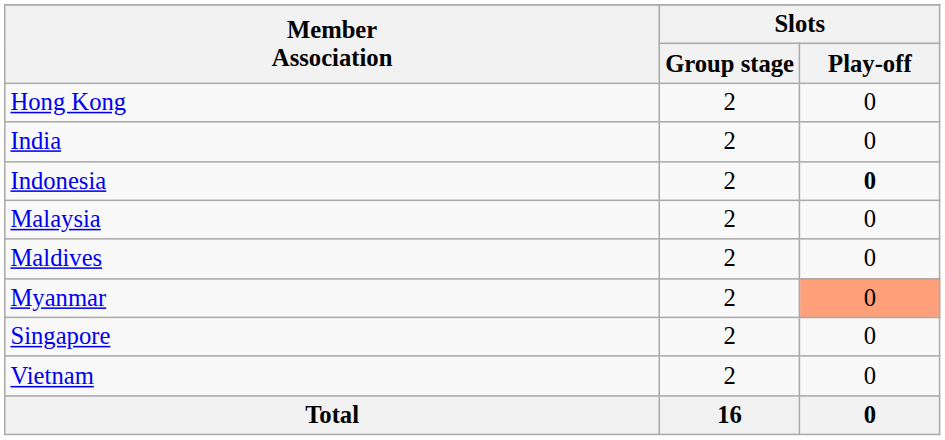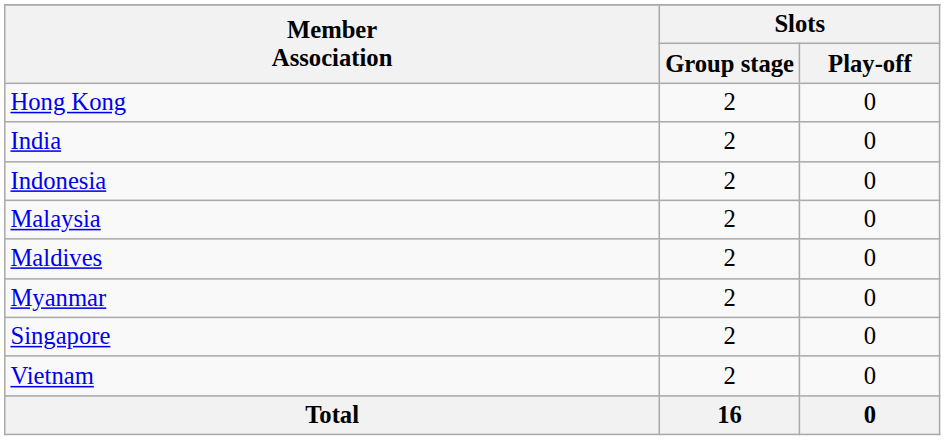 <table class="wikitable" style="text-align:center">
 <tr>
 </tr>
 <tr>
 <th rowspan=2>Member<br>Association</th>
 <th colspan=2>Slots</th>
 </tr>
 <tr>
 <th width=15%>Group stage</th>
 <th width=15%>Play-off</th>
 </tr>
 <tr>
 <td align=left> <a href='#'>Hong Kong</a></td>
 <td>2</td>
 <td>0</td>
 </tr>
 <tr>
 <td align=left> <a href='#'>India</a></td>
 <td>2</td>
 <td>0</td>
 </tr>
 <tr>
 <td align=left> <a href='#'>Indonesia</a></td>
 <td>2</td>
-<td><strong>0</strong></td>
+<td>0</td>
 </tr>
 <tr>
 <td align=left> <a href='#'>Malaysia</a></td>
 <td>2</td>
 <td>0</td>
 </tr>
 <tr>
 <td align=left> <a href='#'>Maldives</a></td>
 <td>2</td>
 <td>0</td>
 </tr>
 <tr>
 <td align=left> <a href='#'>Myanmar</a></td>
 <td>2</td>
-<td style="background: lightsalmon;">0</td>
+<td>0</td>
 </tr>
 <tr>
 <td align=left> <a href='#'>Singapore</a></td>
 <td>2</td>
 <td>0</td>
 </tr>
 <tr>
 <td align=left> <a href='#'>Vietnam</a></td>
 <td>2</td>
 <td>0</td>
 </tr>
 <tr>
 <th>Total</th>
 <th>16</th>
 <th>0</th>
 </tr>
 </table>
